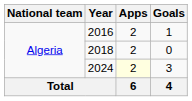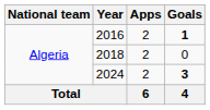 <table class="wikitable" style="text-align: center;">
 <tr>
 <th>National team</th>
 <th>Year</th>
 <th>Apps</th>
 <th>Goals</th>
 </tr>
 <tr>
 <td rowspan="3"><a href='#'>Algeria</a></td>
 <td>2016</td>
 <td>2</td>
-<td>1</td>
+<td><strong>1</strong></td>
 </tr>
 <tr>
 <td>2018</td>
 <td>2</td>
 <td>0</td>
 </tr>
 <tr>
 <td>2024</td>
-<td style="background: lightyellow;">2</td>
-<td>3</td>
+<td>2</td>
+<td><strong>3</strong></td>
 </tr>
 <tr>
 <th colspan="2">Total</th>
 <th>6</th>
 <th>4</th>
 </tr>
 </table>
